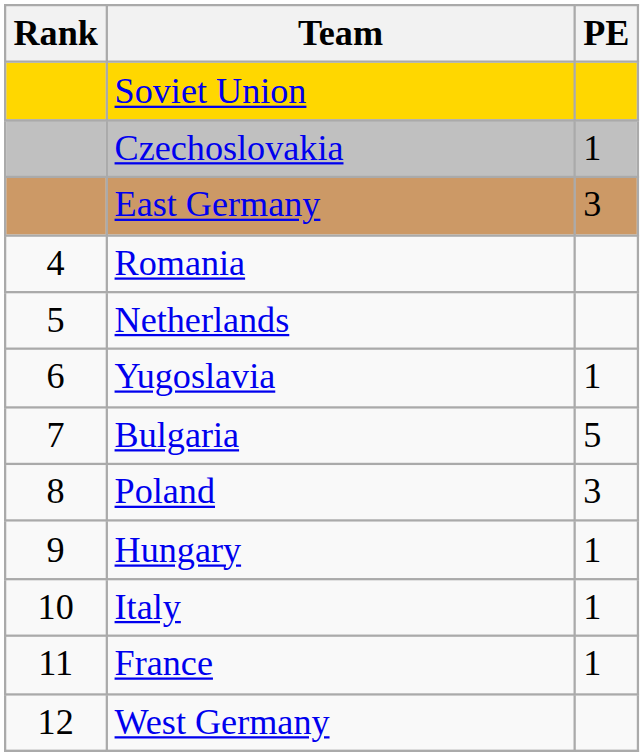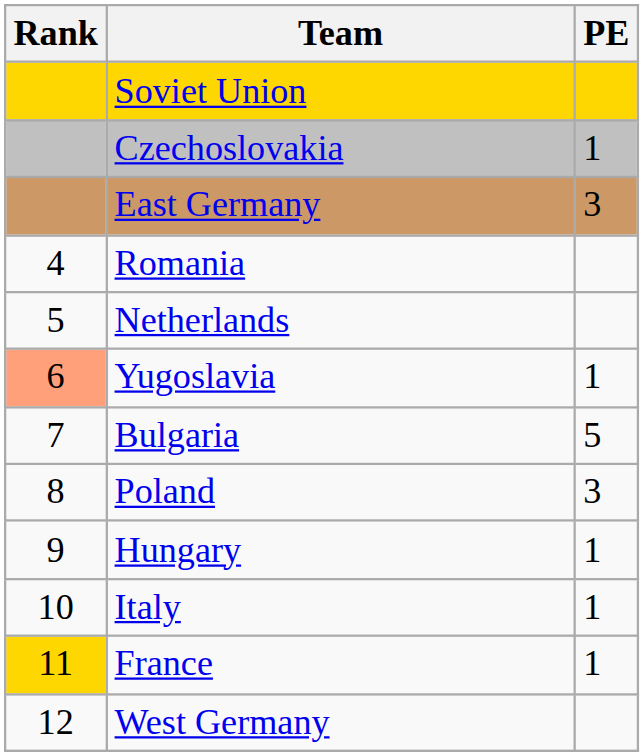 <table class="wikitable">
 <tr>
 <th>Rank</th>
 <th width=200>Team</th>
 <th width=20>PE</th>
 </tr>
 <tr bgcolor=gold>
 <td align=center></td>
 <td> <a href='#'>Soviet Union</a></td>
 <td></td>
 </tr>
 <tr bgcolor=silver>
 <td align=center></td>
 <td> <a href='#'>Czechoslovakia</a></td>
 <td>1</td>
 </tr>
 <tr bgcolor=cc9966>
 <td align=center></td>
 <td> <a href='#'>East Germany</a></td>
 <td>3</td>
 </tr>
 <tr>
 <td align=center>4</td>
 <td> <a href='#'>Romania</a></td>
 <td></td>
 </tr>
 <tr>
 <td align=center>5</td>
 <td> <a href='#'>Netherlands</a></td>
 <td></td>
 </tr>
 <tr>
-<td align=center>6</td>
+<td align=center style="background: lightsalmon;">6</td>
 <td> <a href='#'>Yugoslavia</a></td>
 <td>1</td>
 </tr>
 <tr>
 <td align=center>7</td>
 <td> <a href='#'>Bulgaria</a></td>
 <td>5</td>
 </tr>
 <tr>
 <td align=center>8</td>
 <td> <a href='#'>Poland</a></td>
 <td>3</td>
 </tr>
 <tr>
 <td align=center>9</td>
 <td> <a href='#'>Hungary</a></td>
 <td>1</td>
 </tr>
 <tr>
 <td align=center>10</td>
 <td> <a href='#'>Italy</a></td>
 <td>1</td>
 </tr>
 <tr>
-<td align=center>11</td>
+<td align=center style="background: gold;">11</td>
 <td> <a href='#'>France</a></td>
 <td>1</td>
 </tr>
 <tr>
 <td align=center>12</td>
 <td> <a href='#'>West Germany</a></td>
 <td></td>
 </tr>
 <tr>
 </tr>
 </table>
